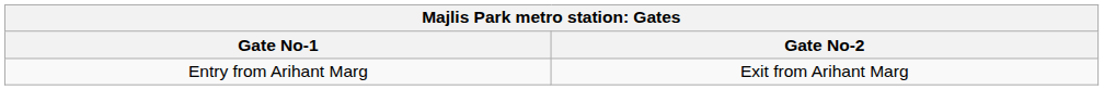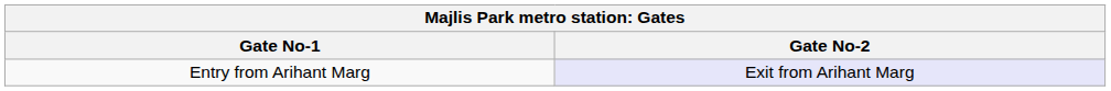 <table class="wikitable" style="text-align: center;" width="65%">
 <tr>
 <th colspan="5" style="background:#"><span>Majlis Park metro station: Gates</span></th>
 </tr>
 <tr>
 <th style="width:15%;">Gate No-1</th>
 <th style="width:15%;">Gate No-2</th>
 </tr>
 <tr>
 <td>Entry from Arihant Marg</td>
-<td>Exit from Arihant Marg</td>
+<td style="background: lavender;">Exit from Arihant Marg</td>
 </tr>
 </table>
